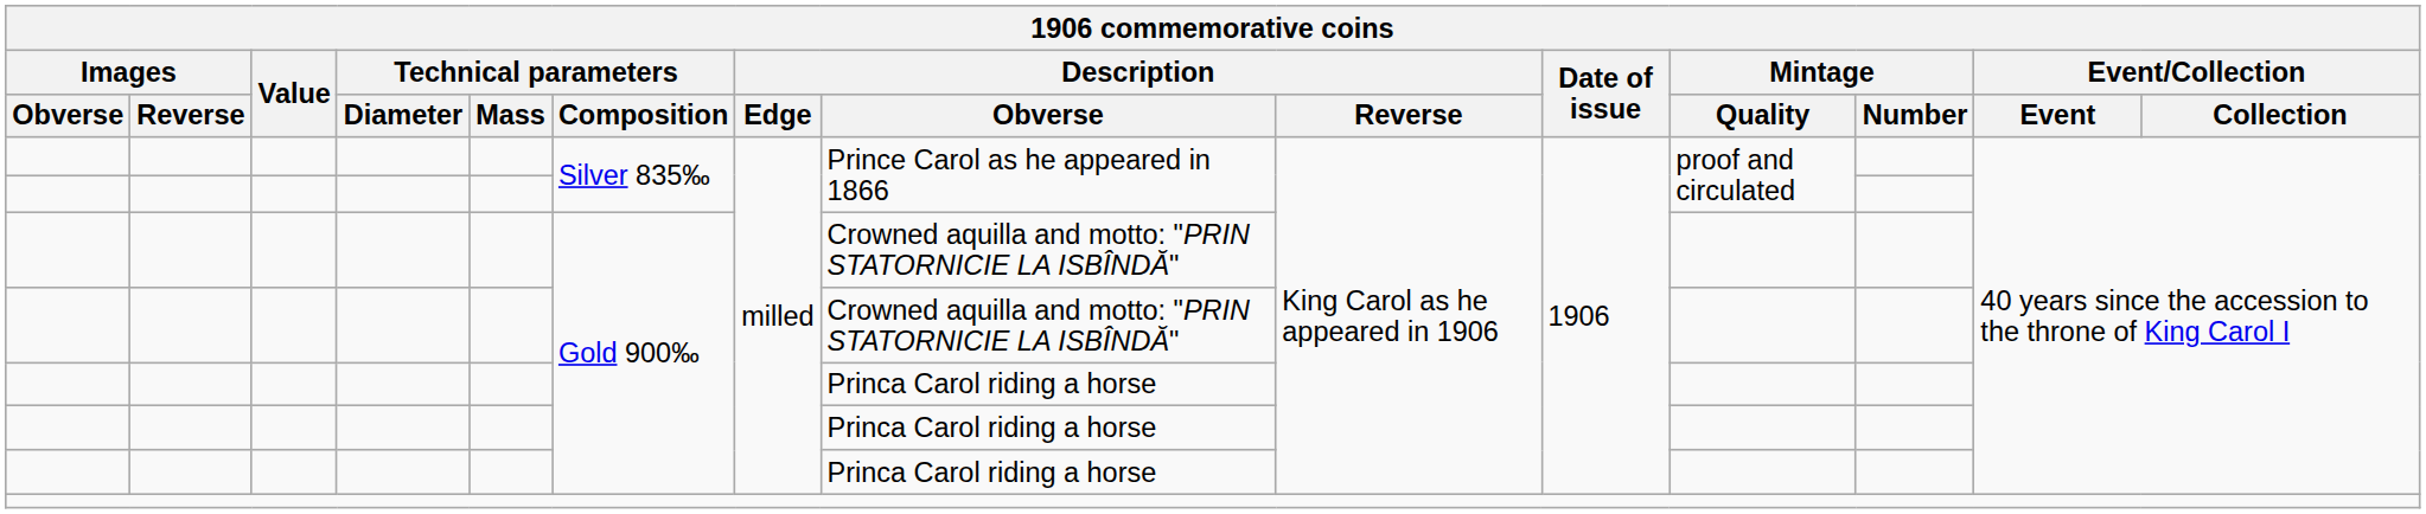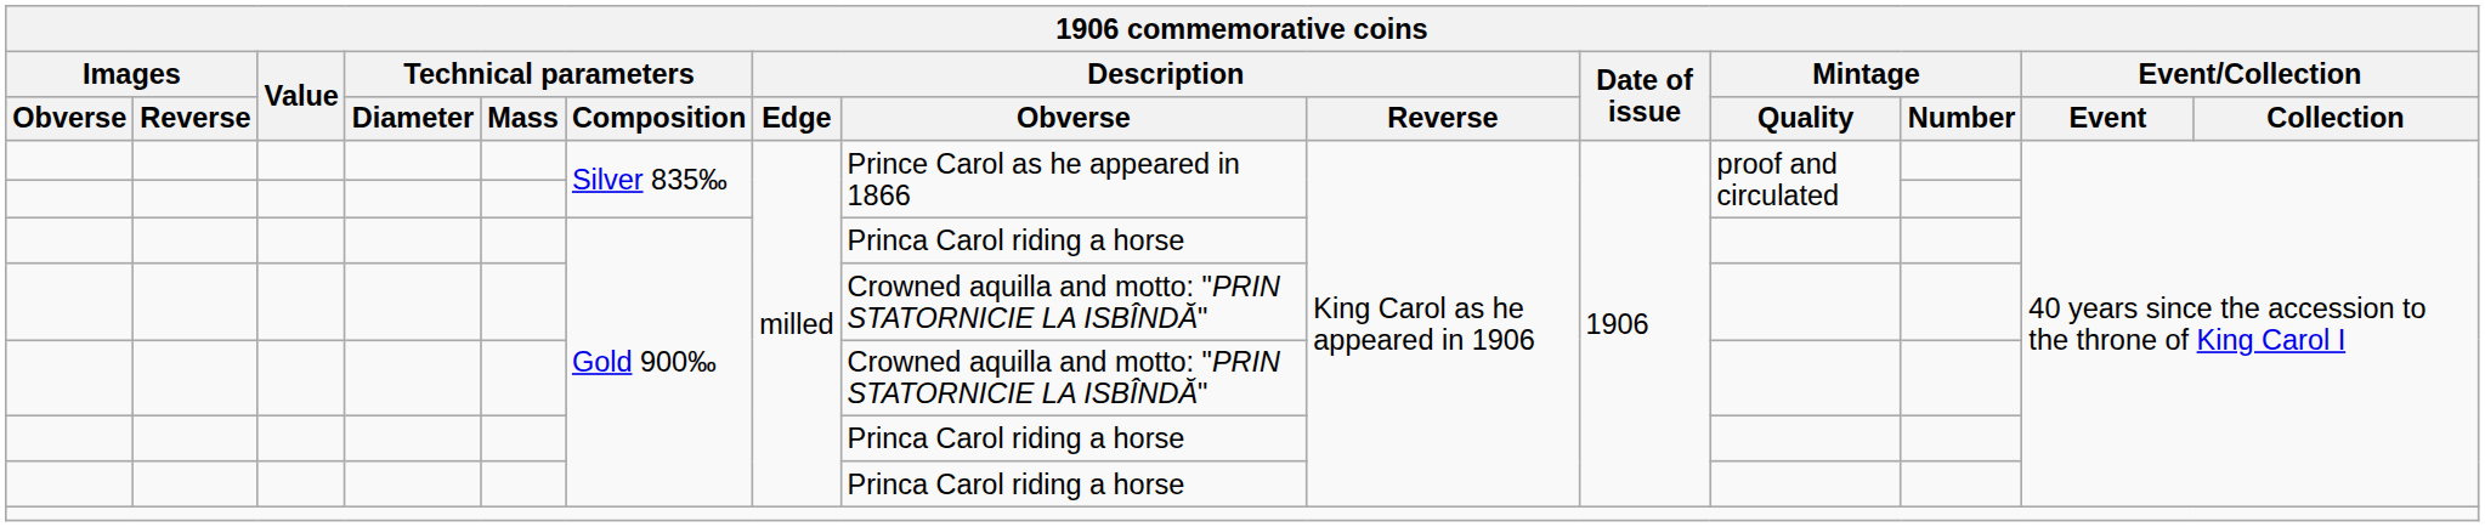 <table class="wikitable" style="font-size: 90%">
 <tr>
 <th colspan="14">1906 commemorative coins</th>
 </tr>
 <tr>
 <th colspan=2>Images</th>
 <th rowspan=2>Value</th>
 <th colspan=3>Technical parameters</th>
 <th colspan=3>Description</th>
 <th rowspan=2>Date of issue</th>
 <th colspan=2>Mintage</th>
 <th colspan=2>Event/Collection</th>
 </tr>
 <tr>
 <th>Obverse</th>
 <th>Reverse</th>
 <th>Diameter</th>
 <th>Mass</th>
 <th>Composition</th>
 <th>Edge</th>
 <th>Obverse</th>
 <th>Reverse</th>
 <th>Quality</th>
 <th>Number</th>
 <th>Event</th>
 <th>Collection</th>
 </tr>
 <tr>
 <td></td>
 <td></td>
 <td align = right></td>
 <td align = right></td>
 <td align = right></td>
 <td rowspan=2><a href='#'>Silver</a> 835‰</td>
 <td rowspan=7>milled</td>
 <td rowspan=2>Prince Carol as he appeared in 1866</td>
 <td rowspan=7>King Carol as he appeared in 1906</td>
 <td rowspan=7>1906</td>
 <td rowspan=2>proof and circulated</td>
 <td align = right></td>
 <td rowspan=7 colspan=2>40 years since the accession to the throne of <a href='#'>King Carol I</a></td>
 </tr>
 <tr>
 <td></td>
 <td></td>
 <td align = right></td>
 <td align = right></td>
 <td align = right></td>
 <td align = right></td>
 </tr>
 <tr>
 <td></td>
 <td></td>
 <td align = right></td>
 <td align = right></td>
 <td align = right></td>
 <td rowspan=5><a href='#'>Gold</a> 900‰</td>
+<td>Princa Carol riding a horse</td>
+<td></td>
+<td align = right></td>
+</tr>
+<tr>
+<td></td>
+<td></td>
+<td align = right></td>
+<td align = right></td>
+<td align = right></td>
 <td>Crowned aquilla and motto: "<em>PRIN STATORNICIE LA ISBÎNDĂ</em>"</td>
 <td></td>
 <td align = right></td>
 </tr>
 <tr>
 <td></td>
 <td></td>
 <td align = right></td>
 <td align = right></td>
 <td align = right></td>
 <td>Crowned aquilla and motto: "<em>PRIN STATORNICIE LA ISBÎNDĂ</em>"</td>
 <td></td>
 <td align = right></td>
 </tr>
 <tr>
 <td></td>
 <td></td>
 <td align = right></td>
 <td align = right></td>
 <td align = right></td>
 <td>Princa Carol riding a horse</td>
 <td></td>
 <td align = right></td>
 </tr>
 <tr>
 <td></td>
 <td></td>
 <td align = right></td>
 <td align = right></td>
 <td align = right></td>
 <td>Princa Carol riding a horse</td>
 <td></td>
 <td align = right></td>
 </tr>
 <tr>
-<td></td>
-<td></td>
-<td align = right></td>
-<td align = right></td>
-<td align = right></td>
-<td>Princa Carol riding a horse</td>
-<td></td>
-<td align = right></td>
-</tr>
-<tr>
 <td colspan="14"></td>
 </tr>
 </table>
